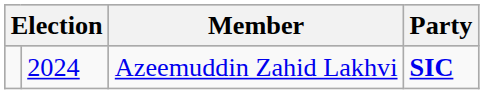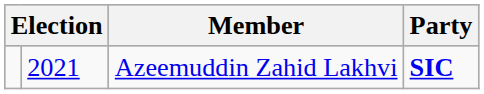 <table class="wikitable">
 <tr>
 <th colspan="2">Election</th>
 <th>Member</th>
 <th>Party</th>
 </tr>
 <tr>
 <td style="background-color: "></td>
-<td><a href='#'>2024</a></td>
+<td><a href='#'>2021</a></td>
 <td><a href='#'>Azeemuddin Zahid Lakhvi</a></td>
 <td><strong><a href='#'>SIC</a></strong></td>
 </tr>
 </table>
